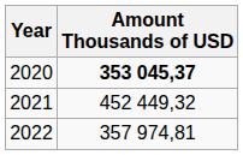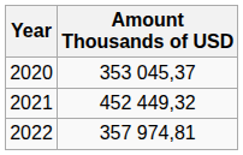 <table class="wikitable" style="text-align:center;">
 <tr>
 <th>Year</th>
 <th>Amount<br>Thousands of USD</th>
 </tr>
 <tr>
 <td>2020</td>
-<td><strong>353 045,37</strong></td>
+<td>353 045,37</td>
 </tr>
 <tr>
 <td>2021</td>
 <td>452 449,32 </td>
 </tr>
 <tr>
 <td>2022</td>
 <td>357 974,81 </td>
 </tr>
 </table>
